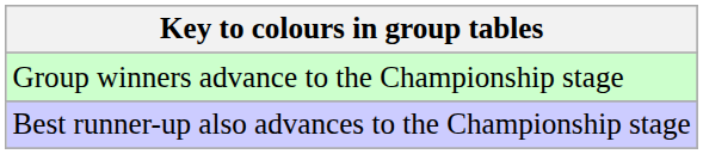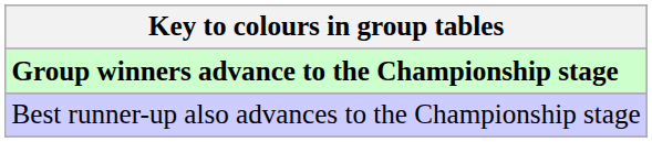 <table class="wikitable">
 <tr>
 <th>Key to colours in group tables</th>
 </tr>
 <tr bgcolor="#ccffcc">
-<td>Group winners advance to the Championship stage</td>
+<td><strong>Group winners advance to the Championship stage</strong></td>
 </tr>
 <tr bgcolor="#ccccff">
 <td>Best runner-up also advances to the Championship stage</td>
 </tr>
 </table>
